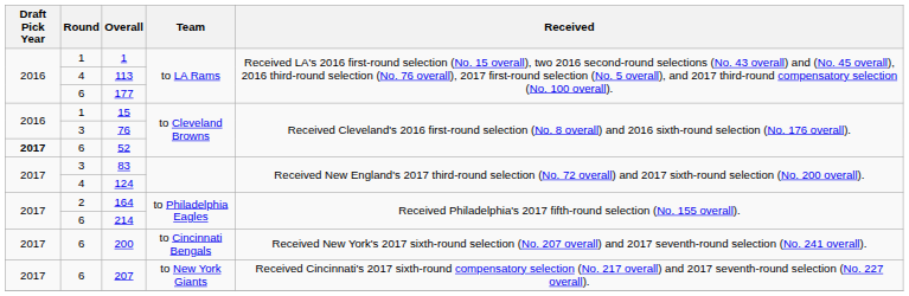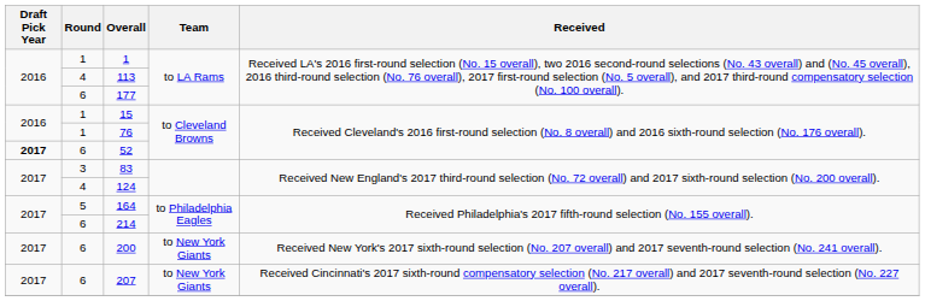 <table class="wikitable" style="text-align: center; margin-left: auto; margin-right: auto">
 <tr>
 <th>Draft Pick Year</th>
 <th>Round</th>
 <th>Overall</th>
 <th>Team</th>
 <th>Received</th>
 </tr>
 <tr>
 <td rowspan="3">2016</td>
 <td>1</td>
 <td><a href='#'>1</a></td>
 <td rowspan="3">to <a href='#'>LA Rams</a></td>
 <td rowspan="3">Received LA's 2016 first-round selection (<a href='#'>No. 15 overall</a>), two 2016 second-round selections (<a href='#'>No. 43 overall</a>) and (<a href='#'>No. 45 overall</a>), 2016 third-round selection (<a href='#'>No. 76 overall</a>), 2017 first-round selection (<a href='#'>No. 5 overall</a>), and 2017 third-round <a href='#'>compensatory selection</a> (<a href='#'>No. 100 overall</a>).</td>
 </tr>
 <tr>
 <td>4</td>
 <td><a href='#'>113</a></td>
 </tr>
 <tr>
 <td>6</td>
 <td><a href='#'>177</a></td>
 </tr>
 <tr>
 <td rowspan="2">2016</td>
 <td>1</td>
 <td><a href='#'>15</a></td>
 <td rowspan="3">to <a href='#'>Cleveland Browns</a></td>
 <td rowspan="3">Received Cleveland's 2016 first-round selection (<a href='#'>No. 8 overall</a>) and 2016 sixth-round selection (<a href='#'>No. 176 overall</a>).</td>
 </tr>
 <tr>
-<td>3</td>
+<td>1</td>
 <td><a href='#'>76</a></td>
 </tr>
 <tr>
 <td><strong>2017</strong></td>
 <td>6</td>
 <td><a href='#'>52</a></td>
 </tr>
 <tr>
 <td rowspan="2">2017</td>
 <td>3</td>
 <td><a href='#'>83</a></td>
 <td rowspan="2"></td>
 <td rowspan="2">Received New England's 2017 third-round selection (<a href='#'>No. 72 overall</a>) and 2017 sixth-round selection (<a href='#'>No. 200 overall</a>).</td>
 </tr>
 <tr>
 <td>4</td>
 <td><a href='#'>124</a></td>
 </tr>
 <tr>
 <td rowspan="2">2017</td>
-<td>2</td>
+<td>5</td>
 <td><a href='#'>164</a></td>
 <td rowspan="2">to <a href='#'>Philadelphia Eagles</a></td>
 <td rowspan="2">Received Philadelphia's 2017 fifth-round selection (<a href='#'>No. 155 overall</a>).</td>
 </tr>
 <tr>
 <td>6</td>
 <td><a href='#'>214</a></td>
 </tr>
 <tr>
 <td>2017</td>
 <td>6</td>
 <td><a href='#'>200</a></td>
-<td>to <a href='#'>Cincinnati Bengals</a></td>
+<td>to <a href='#'>New York Giants</a></td>
 <td>Received New York's 2017 sixth-round selection (<a href='#'>No. 207 overall</a>) and 2017 seventh-round selection (<a href='#'>No. 241 overall</a>).</td>
 </tr>
 <tr>
 <td>2017</td>
 <td>6</td>
 <td><a href='#'>207</a></td>
 <td>to <a href='#'>New York Giants</a></td>
 <td>Received Cincinnati's 2017 sixth-round <a href='#'>compensatory selection</a> (<a href='#'>No. 217 overall</a>) and 2017 seventh-round selection (<a href='#'>No. 227 overall</a>).</td>
 </tr>
 <tr>
 </tr>
 </table>
